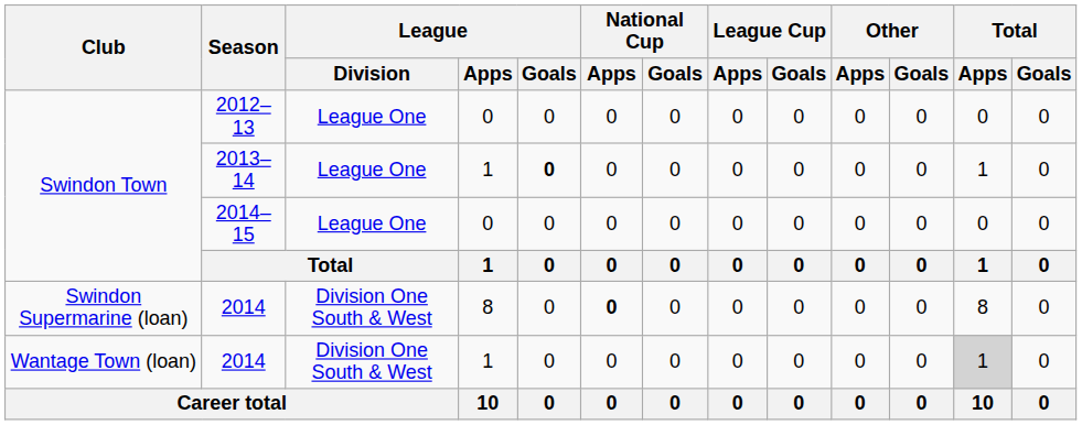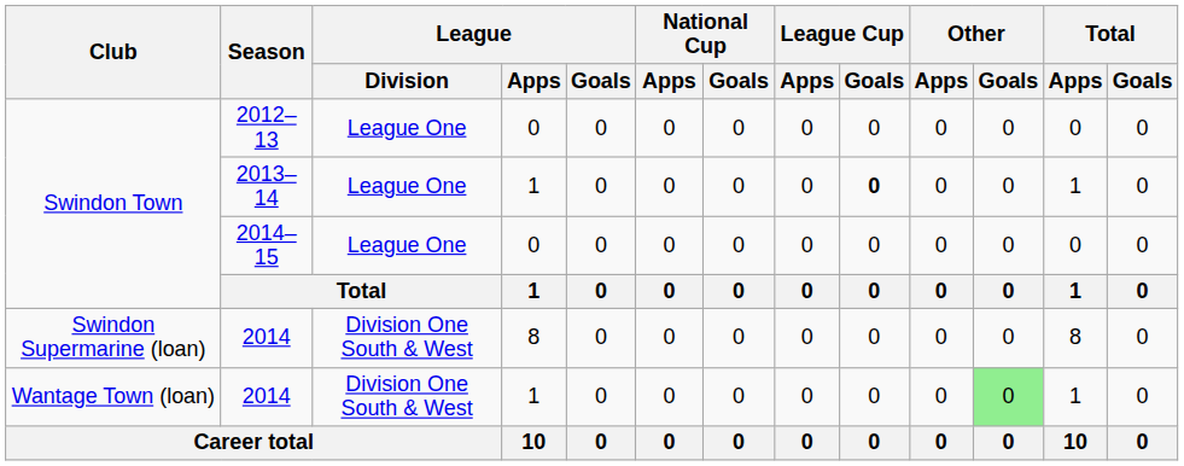 <table class="wikitable" style="text-align: center;">
 <tr>
 <th rowspan="2">Club</th>
 <th rowspan="2">Season</th>
 <th colspan="3">League</th>
 <th colspan="2">National Cup</th>
 <th colspan="2">League Cup</th>
 <th colspan="2">Other</th>
 <th colspan="2">Total</th>
 </tr>
 <tr>
 <th>Division</th>
 <th>Apps</th>
 <th>Goals</th>
 <th>Apps</th>
 <th>Goals</th>
 <th>Apps</th>
 <th>Goals</th>
 <th>Apps</th>
 <th>Goals</th>
 <th>Apps</th>
 <th>Goals</th>
 </tr>
 <tr>
 <td rowspan=4><a href='#'>Swindon Town</a></td>
 <td><a href='#'>2012–13</a></td>
 <td><a href='#'>League One</a></td>
 <td>0</td>
 <td>0</td>
 <td>0</td>
 <td>0</td>
 <td>0</td>
 <td>0</td>
 <td>0</td>
 <td>0</td>
 <td>0</td>
 <td>0</td>
 </tr>
 <tr>
 <td><a href='#'>2013–14</a></td>
 <td><a href='#'>League One</a></td>
 <td>1</td>
-<td><strong>0</strong></td>
 <td>0</td>
 <td>0</td>
 <td>0</td>
 <td>0</td>
+<td><strong>0</strong></td>
 <td>0</td>
 <td>0</td>
 <td>1</td>
 <td>0</td>
 </tr>
 <tr>
 <td><a href='#'>2014–15</a></td>
 <td><a href='#'>League One</a></td>
 <td>0</td>
 <td>0</td>
 <td>0</td>
 <td>0</td>
 <td>0</td>
 <td>0</td>
 <td>0</td>
 <td>0</td>
 <td>0</td>
 <td>0</td>
 </tr>
 <tr>
 <th colspan=2>Total</th>
 <th>1</th>
 <th>0</th>
 <th>0</th>
 <th>0</th>
 <th>0</th>
 <th>0</th>
 <th>0</th>
 <th>0</th>
 <th>1</th>
 <th>0</th>
 </tr>
 <tr>
 <td><a href='#'>Swindon Supermarine</a> (loan)</td>
 <td><a href='#'>2014</a></td>
 <td><a href='#'>Division One South & West</a></td>
 <td>8</td>
 <td>0</td>
-<td><strong>0</strong></td>
+<td>0</td>
 <td>0</td>
 <td>0</td>
 <td>0</td>
 <td>0</td>
 <td>0</td>
 <td>8</td>
 <td>0</td>
 </tr>
 <tr>
 <td><a href='#'>Wantage Town</a> (loan)</td>
 <td><a href='#'>2014</a></td>
 <td><a href='#'>Division One South & West</a></td>
 <td>1</td>
 <td>0</td>
 <td>0</td>
 <td>0</td>
 <td>0</td>
 <td>0</td>
 <td>0</td>
-<td>0</td>
-<td style="background: lightgrey;">1</td>
+<td style="background: lightgreen;">0</td>
+<td>1</td>
 <td>0</td>
 </tr>
 <tr>
 <th colspan=3>Career total</th>
 <th>10</th>
 <th>0</th>
 <th>0</th>
 <th>0</th>
 <th>0</th>
 <th>0</th>
 <th>0</th>
 <th>0</th>
 <th>10</th>
 <th>0</th>
 </tr>
 </table>
